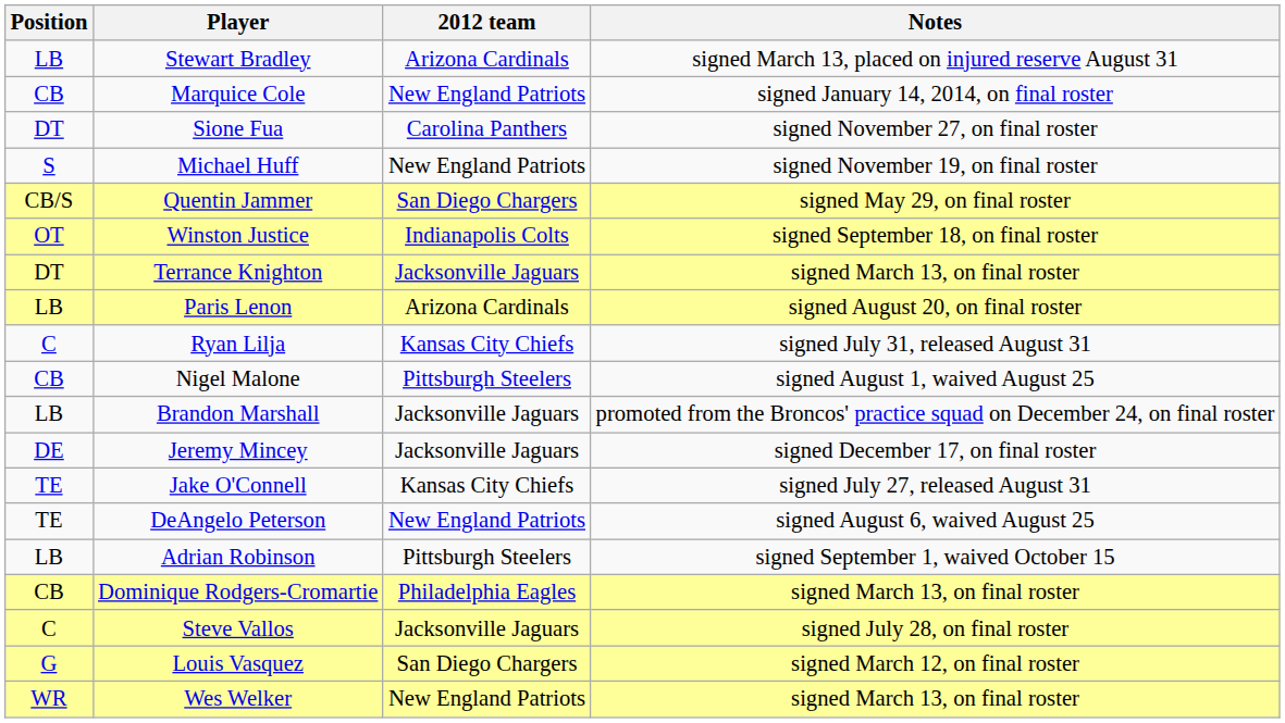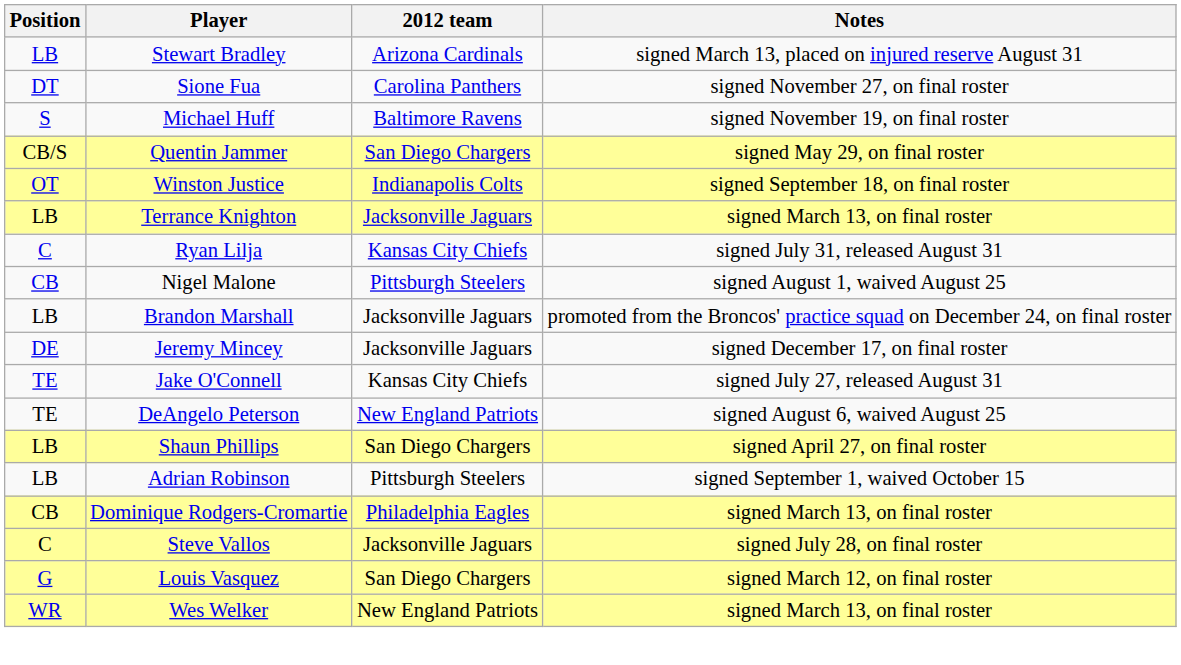 <table class="wikitable" style="text-align:center">
 <tr>
 <th>Position</th>
 <th>Player</th>
 <th>2012 team</th>
 <th>Notes</th>
 </tr>
 <tr>
 <td><a href='#'>LB</a></td>
 <td><a href='#'>Stewart Bradley</a></td>
 <td><a href='#'>Arizona Cardinals</a></td>
 <td>signed March 13, placed on <a href='#'>injured reserve</a> August 31</td>
 </tr>
 <tr>
-<td><a href='#'>CB</a></td>
-<td><a href='#'>Marquice Cole</a></td>
-<td><a href='#'>New England Patriots</a></td>
-<td>signed January 14, 2014, on <a href='#'>final roster</a></td>
-</tr>
-<tr>
 <td><a href='#'>DT</a></td>
 <td><a href='#'>Sione Fua</a></td>
 <td><a href='#'>Carolina Panthers</a></td>
 <td>signed November 27, on final roster</td>
 </tr>
 <tr>
 <td><a href='#'>S</a></td>
 <td><a href='#'>Michael Huff</a></td>
-<td>New England Patriots</td>
+<td><a href='#'>Baltimore Ravens</a></td>
 <td>signed November 19, on final roster</td>
 </tr>
 <tr style="background:#ff9">
 <td>CB/S</td>
 <td><a href='#'>Quentin Jammer</a></td>
 <td><a href='#'>San Diego Chargers</a></td>
 <td>signed May 29, on final roster</td>
 </tr>
 <tr style="background:#ff9">
 <td><a href='#'>OT</a></td>
 <td><a href='#'>Winston Justice</a></td>
 <td><a href='#'>Indianapolis Colts</a></td>
 <td>signed September 18, on final roster</td>
 </tr>
 <tr style="background:#ff9">
-<td>DT</td>
+<td>LB</td>
 <td><a href='#'>Terrance Knighton</a></td>
 <td><a href='#'>Jacksonville Jaguars</a></td>
 <td>signed March 13, on final roster</td>
-</tr>
-<tr style="background:#ff9">
-<td>LB</td>
-<td><a href='#'>Paris Lenon</a></td>
-<td>Arizona Cardinals</td>
-<td>signed August 20, on final roster </td>
 </tr>
 <tr>
 <td><a href='#'>C</a></td>
 <td><a href='#'>Ryan Lilja</a></td>
 <td><a href='#'>Kansas City Chiefs</a></td>
 <td>signed July 31, released August 31</td>
 </tr>
 <tr>
 <td><a href='#'>CB</a></td>
 <td>Nigel Malone</td>
 <td><a href='#'>Pittsburgh Steelers</a></td>
 <td>signed August 1, waived August 25</td>
 </tr>
 <tr>
 <td>LB</td>
 <td><a href='#'>Brandon Marshall</a></td>
 <td>Jacksonville Jaguars</td>
 <td>promoted from the Broncos' <a href='#'>practice squad</a> on December 24, on final roster</td>
 </tr>
 <tr>
 <td><a href='#'>DE</a></td>
 <td><a href='#'>Jeremy Mincey</a></td>
 <td>Jacksonville Jaguars</td>
 <td>signed December 17, on final roster</td>
 </tr>
 <tr>
 <td><a href='#'>TE</a></td>
 <td><a href='#'>Jake O'Connell</a></td>
 <td>Kansas City Chiefs</td>
 <td>signed July 27, released August 31</td>
 </tr>
 <tr>
 <td>TE</td>
 <td><a href='#'>DeAngelo Peterson</a></td>
 <td><a href='#'>New England Patriots</a></td>
 <td>signed August 6, waived August 25</td>
 </tr>
+<tr style="background:#ff9">
+<td>LB</td>
+<td><a href='#'>Shaun Phillips</a></td>
+<td>San Diego Chargers</td>
+<td>signed April 27, on final roster</td>
+</tr>
 <tr>
 <td>LB</td>
 <td><a href='#'>Adrian Robinson</a></td>
 <td>Pittsburgh Steelers</td>
 <td>signed September 1, waived October 15</td>
 </tr>
 <tr style="background:#ff9">
 <td>CB</td>
 <td><a href='#'>Dominique Rodgers-Cromartie</a></td>
 <td><a href='#'>Philadelphia Eagles</a></td>
 <td>signed March 13, on final roster</td>
 </tr>
 <tr style="background:#ff9">
 <td>C</td>
 <td><a href='#'>Steve Vallos</a></td>
 <td>Jacksonville Jaguars</td>
 <td>signed July 28, on final roster</td>
 </tr>
 <tr style="background:#ff9">
 <td><a href='#'>G</a></td>
 <td><a href='#'>Louis Vasquez</a></td>
 <td>San Diego Chargers</td>
 <td>signed March 12, on final roster</td>
 </tr>
 <tr style="background:#ff9">
 <td><a href='#'>WR</a></td>
 <td><a href='#'>Wes Welker</a></td>
 <td>New England Patriots</td>
 <td>signed March 13, on final roster</td>
 </tr>
 </table>
